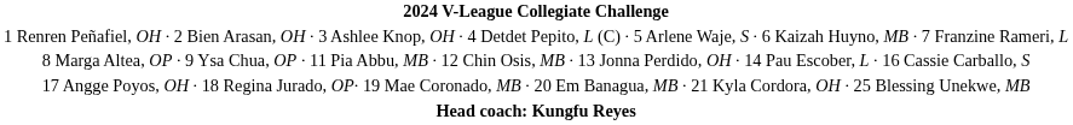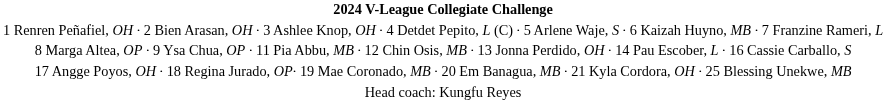 <table class=toccolours width=100% style=font-size:95%>
 <tr>
 <th style=>2024 V-League Collegiate Challenge</th>
 </tr>
 <tr align=center>
 <td>1 Renren Peñafiel, <em>OH</em> ∙ 2 Bien Arasan, <em>OH</em> ∙ 3 Ashlee Knop, <em>OH</em> ∙ 4 Detdet Pepito, <em>L</em> (C) ∙ 5 Arlene Waje, <em>S</em> ∙ 6 Kaizah Huyno, <em>MB</em> ∙ 7 Franzine Rameri, <em>L</em></td>
 </tr>
 <tr align=center>
 <td>8 Marga Altea, <em>OP</em> ∙ 9 Ysa Chua, <em>OP</em> ∙ 11 Pia Abbu, <em>MB</em> ∙ 12 Chin Osis, <em>MB</em> ∙ 13 Jonna Perdido, <em>OH</em> ∙ 14 Pau Escober, <em>L</em> ∙ 16 Cassie Carballo, <em>S</em></td>
 </tr>
 <tr align=center>
 <td>17 Angge Poyos, <em>OH</em> ∙ 18 Regina Jurado, <em>OP</em>∙ 19 Mae Coronado, <em>MB</em> ∙ 20 Em Banagua, <em>MB</em> ∙ 21 Kyla Cordora, <em>OH</em> ∙ 25 Blessing Unekwe, <em>MB</em></td>
 </tr>
 <tr align=center>
-<td><strong>Head coach: Kungfu Reyes</strong></td>
+<td>Head coach: Kungfu Reyes</td>
 </tr>
 </table>
